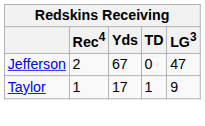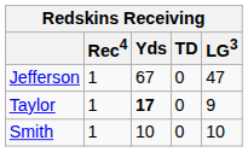 <table class="wikitable">
 <tr>
 <th colspan="5">Redskins Receiving</th>
 </tr>
 <tr>
 <th></th>
 <th>Rec<sup>4</sup></th>
 <th>Yds</th>
 <th>TD</th>
 <th>LG<sup>3</sup></th>
 </tr>
 <tr>
 <td><a href='#'>Jefferson</a></td>
-<td>2</td>
+<td>1</td>
 <td>67</td>
 <td>0</td>
 <td>47</td>
 </tr>
 <tr>
 <td><a href='#'>Taylor</a></td>
 <td>1</td>
-<td>17</td>
-<td>1</td>
+<td><strong>17</strong></td>
+<td>0</td>
 <td>9</td>
 </tr>
+<tr>
+<td><a href='#'>Smith</a></td>
+<td>1</td>
+<td>10</td>
+<td>0</td>
+<td>10</td>
+</tr>
 </table>
